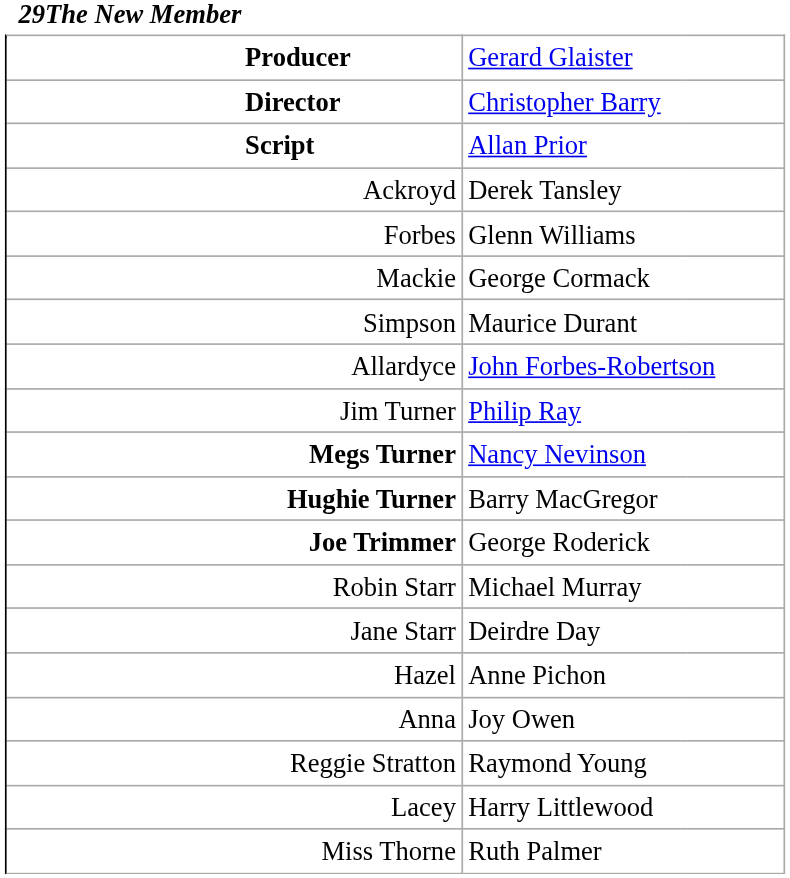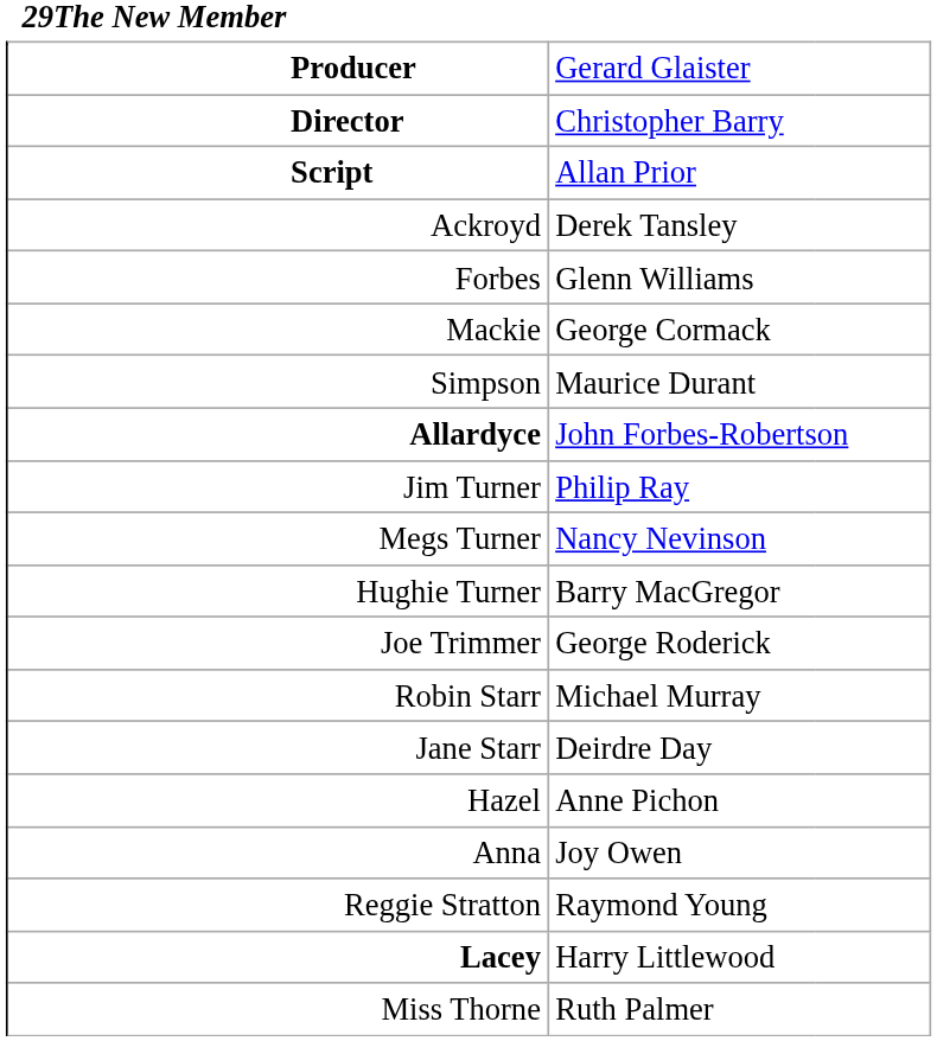 <table class="wikitable mw-collapsible mw-collapsed" style="vertical-align:top;margin:auto 2em;line-height:1.2;min-width:33em;display: inline-table;background-color:inherit;border:none;">
 <tr>
 <td class=unsortable style="border:hidden;line-height:1.67;text-align:center;margin-left:-1em;padding-left:0.5em;min-width:1.0em;"></td>
 <td class=unsortable style="border:none;padding-left:0.5em;text-align:left;min-width:16.5em;font-weight:700;font-style:italic;">29The New Member</td>
 <td class=unsortable style="border:none;text-align:right;font-weight:normal;font-family:Courier;font-size:95%;letter-spacing:-1pt;min-width:8.5em;padding-right:0.2em;"></td>
 <td class=unsortable style="border:hidden;min-width:3.5em;padding-left:0;"></td>
 <td class=unsortable style="border:hidden;min-width:3.5em;font-size:95%;"></td>
 </tr>
 <tr>
 <td rowspan=100 style="border:none thin;border-right-style :solid;"></td>
 </tr>
 <tr>
 <td style="text-align:left;padding-left:9.0em;font-weight:bold;">Producer</td>
 <td colspan=2><a href='#'>Gerard Glaister</a></td>
 </tr>
 <tr>
 <td style="text-align:left;padding-left:9.0em;font-weight:bold;">Director</td>
 <td colspan=2><a href='#'>Christopher Barry</a></td>
 </tr>
 <tr>
 <td style="text-align:left;padding-left:9.0em;font-weight:bold;">Script</td>
 <td colspan=2><a href='#'>Allan Prior</a></td>
 </tr>
 <tr>
 <td style="text-align:right;">Ackroyd</td>
 <td colspan=2>Derek Tansley</td>
 </tr>
 <tr>
 <td style="text-align:right;">Forbes</td>
 <td colspan=2>Glenn Williams</td>
 </tr>
 <tr>
 <td style="text-align:right;">Mackie</td>
 <td colspan=2>George Cormack</td>
 </tr>
 <tr>
 <td style="text-align:right;">Simpson</td>
 <td colspan=2>Maurice Durant</td>
 </tr>
 <tr>
-<td style="text-align:right;">Allardyce</td>
+<td style="text-align:right;"><strong>Allardyce</strong></td>
 <td colspan=2><a href='#'>John Forbes-Robertson</a></td>
 </tr>
 <tr>
 <td style="text-align:right;">Jim Turner</td>
 <td colspan=2><a href='#'>Philip Ray</a></td>
 </tr>
 <tr>
-<td style="text-align:right;"><strong>Megs Turner</strong></td>
+<td style="text-align:right;">Megs Turner</td>
 <td colspan=2><a href='#'>Nancy Nevinson</a></td>
 </tr>
 <tr>
-<td style="text-align:right;"><strong>Hughie Turner</strong></td>
+<td style="text-align:right;">Hughie Turner</td>
 <td colspan=2>Barry MacGregor</td>
 </tr>
 <tr>
-<td style="text-align:right;"><strong>Joe Trimmer</strong></td>
+<td style="text-align:right;">Joe Trimmer</td>
 <td colspan=2>George Roderick</td>
 </tr>
 <tr>
 <td style="text-align:right;">Robin Starr</td>
 <td colspan=2>Michael Murray</td>
 </tr>
 <tr>
 <td style="text-align:right;">Jane Starr</td>
 <td colspan=2>Deirdre Day</td>
 </tr>
 <tr>
 <td style="text-align:right;">Hazel</td>
 <td colspan=2>Anne Pichon</td>
 </tr>
 <tr>
 <td style="text-align:right;">Anna</td>
 <td colspan=2>Joy Owen</td>
 </tr>
 <tr>
 <td style="text-align:right;">Reggie Stratton</td>
 <td colspan=2>Raymond Young</td>
 </tr>
 <tr>
-<td style="text-align:right;">Lacey</td>
+<td style="text-align:right;"><strong>Lacey</strong></td>
 <td colspan=2>Harry Littlewood</td>
 </tr>
 <tr>
 <td style="text-align:right;">Miss Thorne</td>
 <td colspan=2>Ruth Palmer</td>
 </tr>
 </table>
